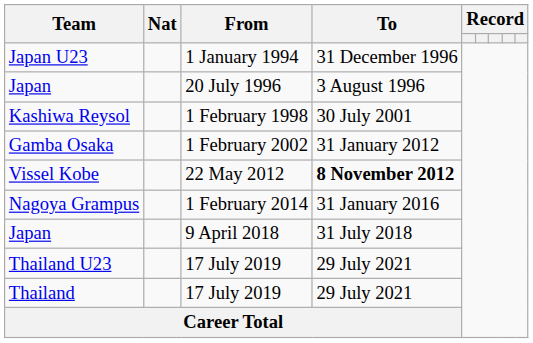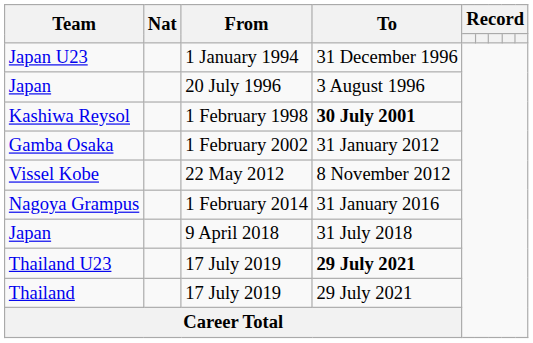 <table class="wikitable" style="text-align:center">
 <tr>
 <th rowspan="2">Team</th>
 <th rowspan="2">Nat</th>
 <th rowspan="2">From</th>
 <th rowspan="2">To</th>
 <th colspan="5">Record</th>
 </tr>
 <tr>
 <th></th>
 <th></th>
 <th></th>
 <th></th>
 <th></th>
 </tr>
 <tr>
 <td align="left"><a href='#'>Japan U23</a></td>
 <td></td>
 <td align="left">1 January 1994</td>
 <td align="left">31 December 1996<br></td>
 </tr>
 <tr>
 <td align="left"><a href='#'>Japan</a></td>
 <td></td>
 <td align="left">20 July 1996</td>
 <td align="left">3 August 1996<br></td>
 </tr>
 <tr>
 <td align="left"><a href='#'>Kashiwa Reysol</a></td>
 <td></td>
 <td align="left">1 February 1998</td>
-<td align="left">30 July 2001<br></td>
+<td align="left"><strong>30 July 2001<br></strong></td>
 </tr>
 <tr>
 <td align="left"><a href='#'>Gamba Osaka</a></td>
 <td></td>
 <td align="left">1 February 2002</td>
 <td align="left">31 January 2012<br></td>
 </tr>
 <tr>
 <td align="left"><a href='#'>Vissel Kobe</a></td>
 <td></td>
 <td align="left">22 May 2012</td>
-<td align="left"><strong>8 November 2012<br></strong></td>
+<td align="left">8 November 2012<br></td>
 </tr>
 <tr>
 <td align="left"><a href='#'>Nagoya Grampus</a></td>
 <td></td>
 <td align="left">1 February 2014</td>
 <td align="left">31 January 2016<br></td>
 </tr>
 <tr>
 <td align="left"><a href='#'>Japan</a></td>
 <td></td>
 <td align="left">9 April 2018</td>
 <td align="left">31 July 2018<br></td>
 </tr>
 <tr>
 <td align="left"><a href='#'>Thailand U23</a></td>
 <td></td>
 <td align="left">17 July 2019</td>
-<td align="left">29 July 2021<br></td>
+<td align="left"><strong>29 July 2021<br></strong></td>
 </tr>
 <tr>
 <td align="left"><a href='#'>Thailand</a></td>
 <td></td>
 <td align="left">17 July 2019</td>
 <td align="left">29 July 2021<br></td>
 </tr>
 <tr>
 <th colspan="4">Career Total<br></th>
 </tr>
 </table>
